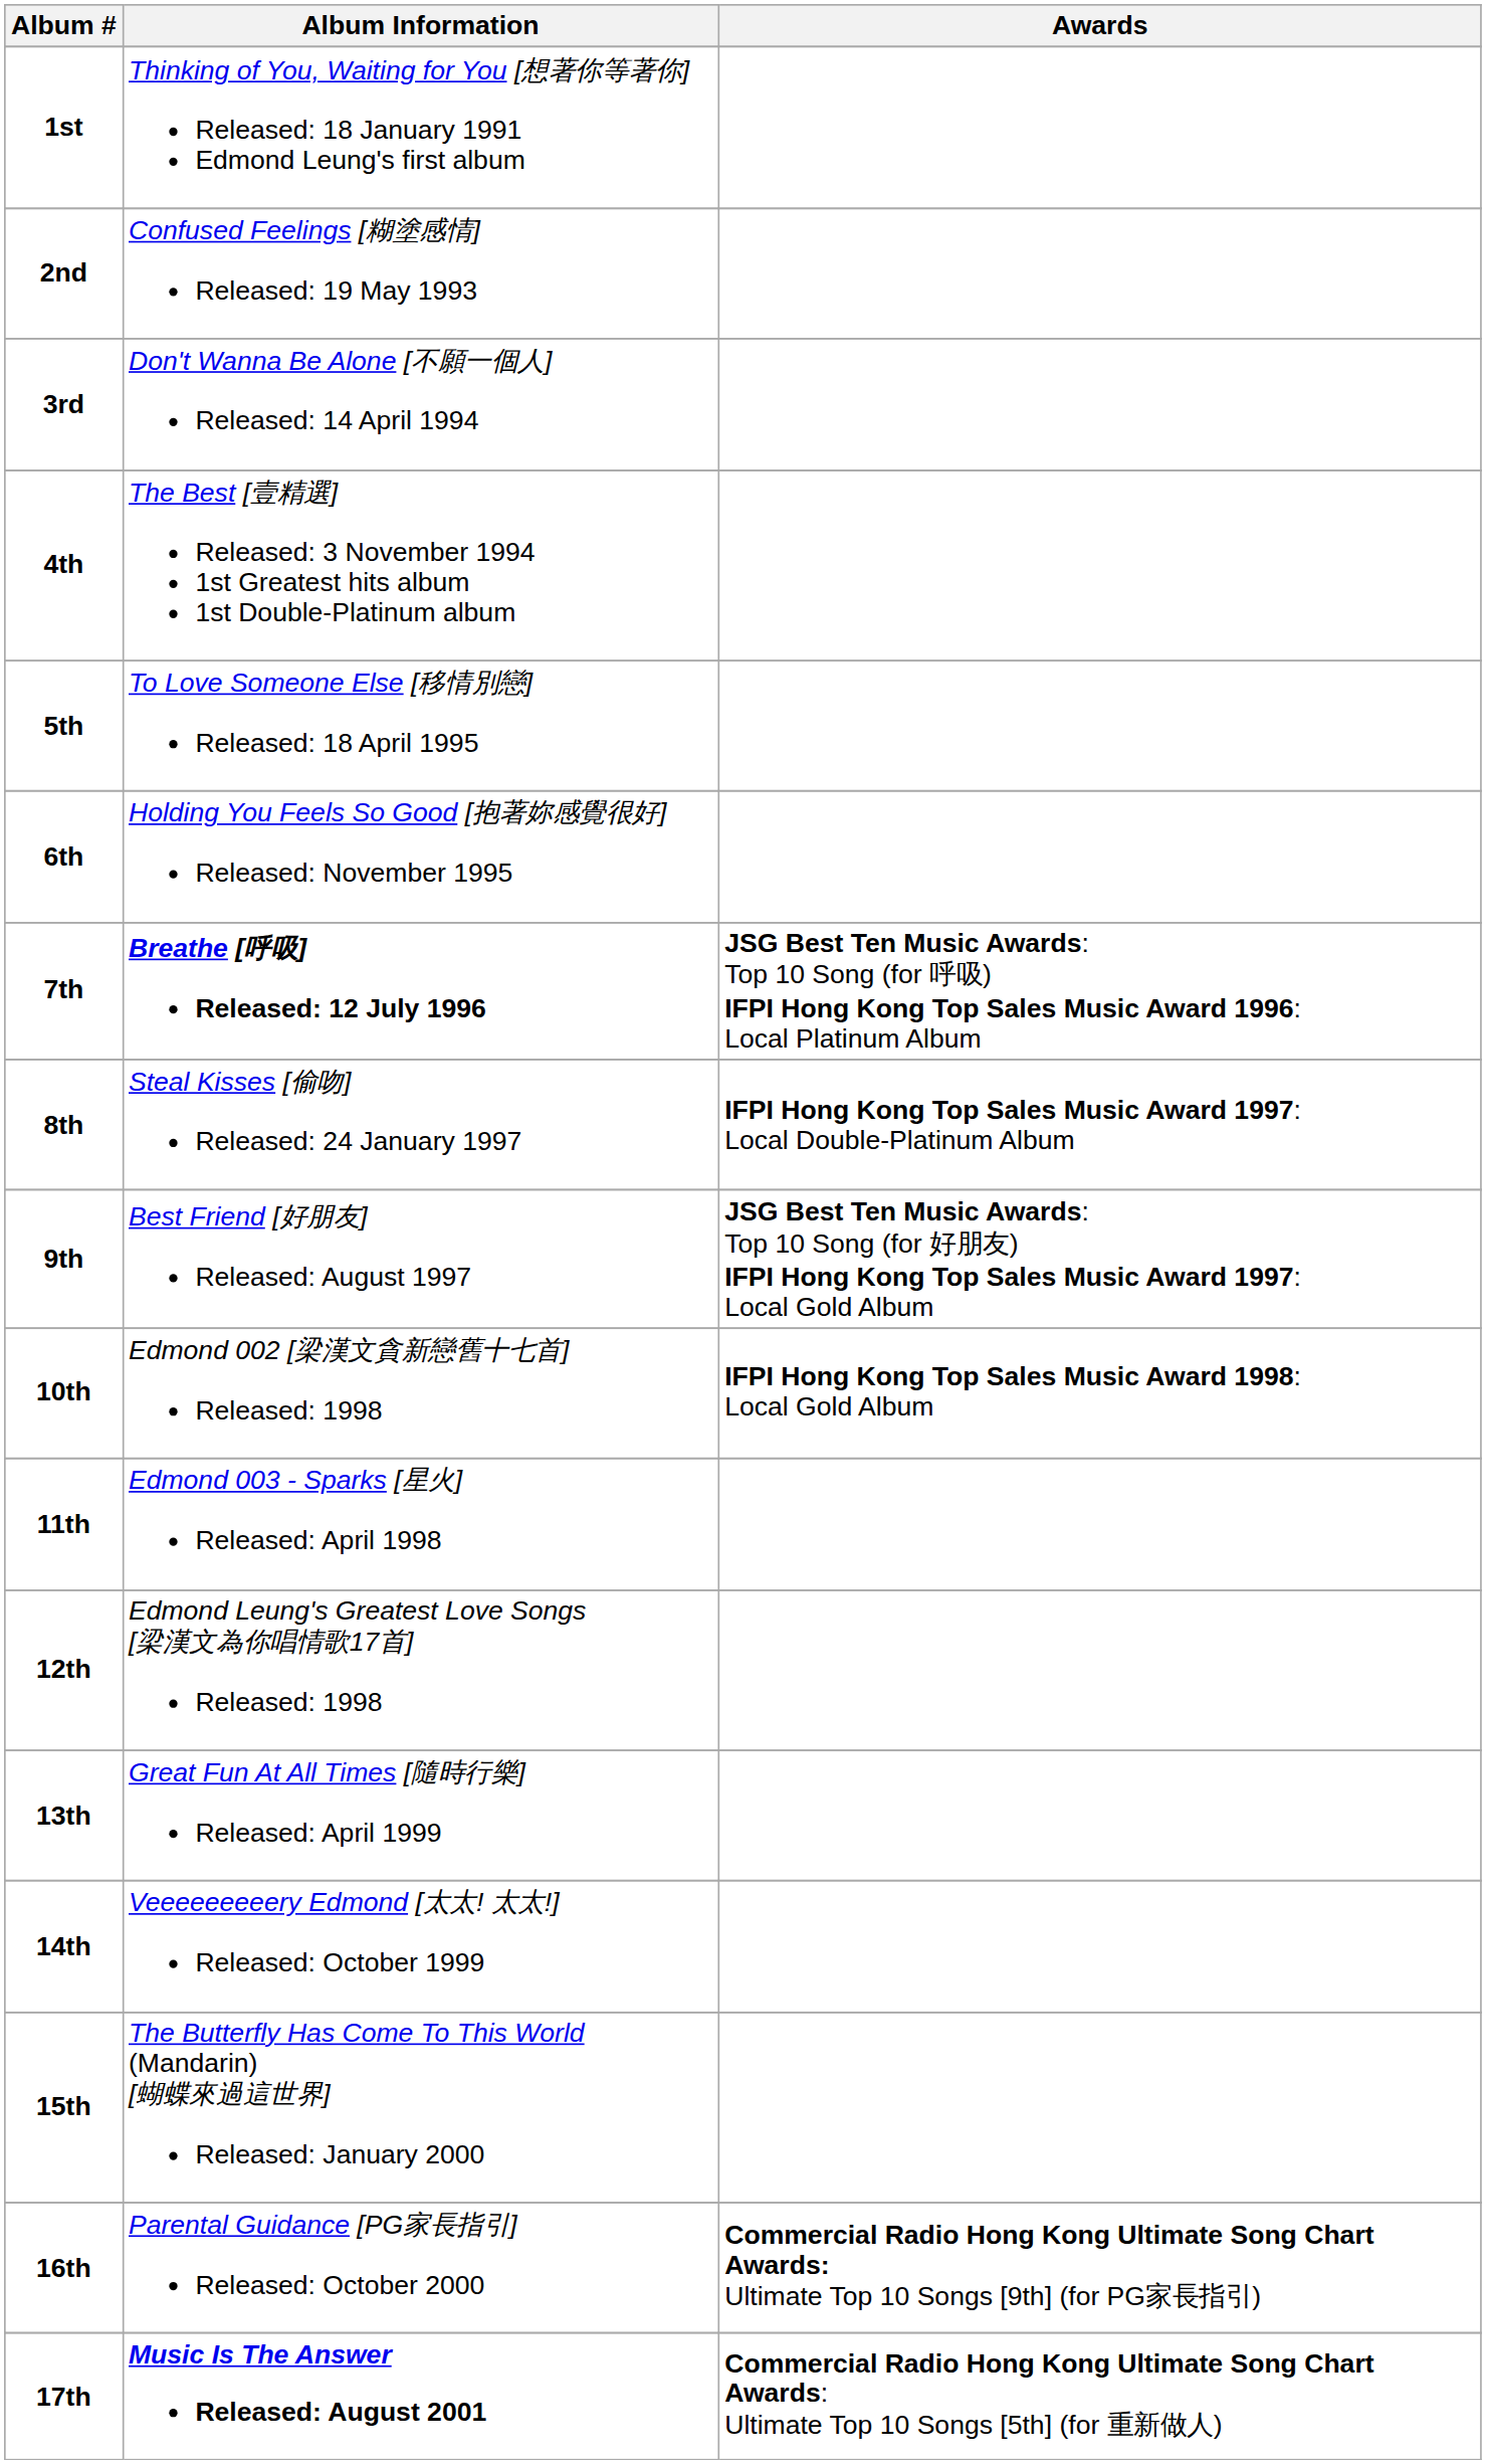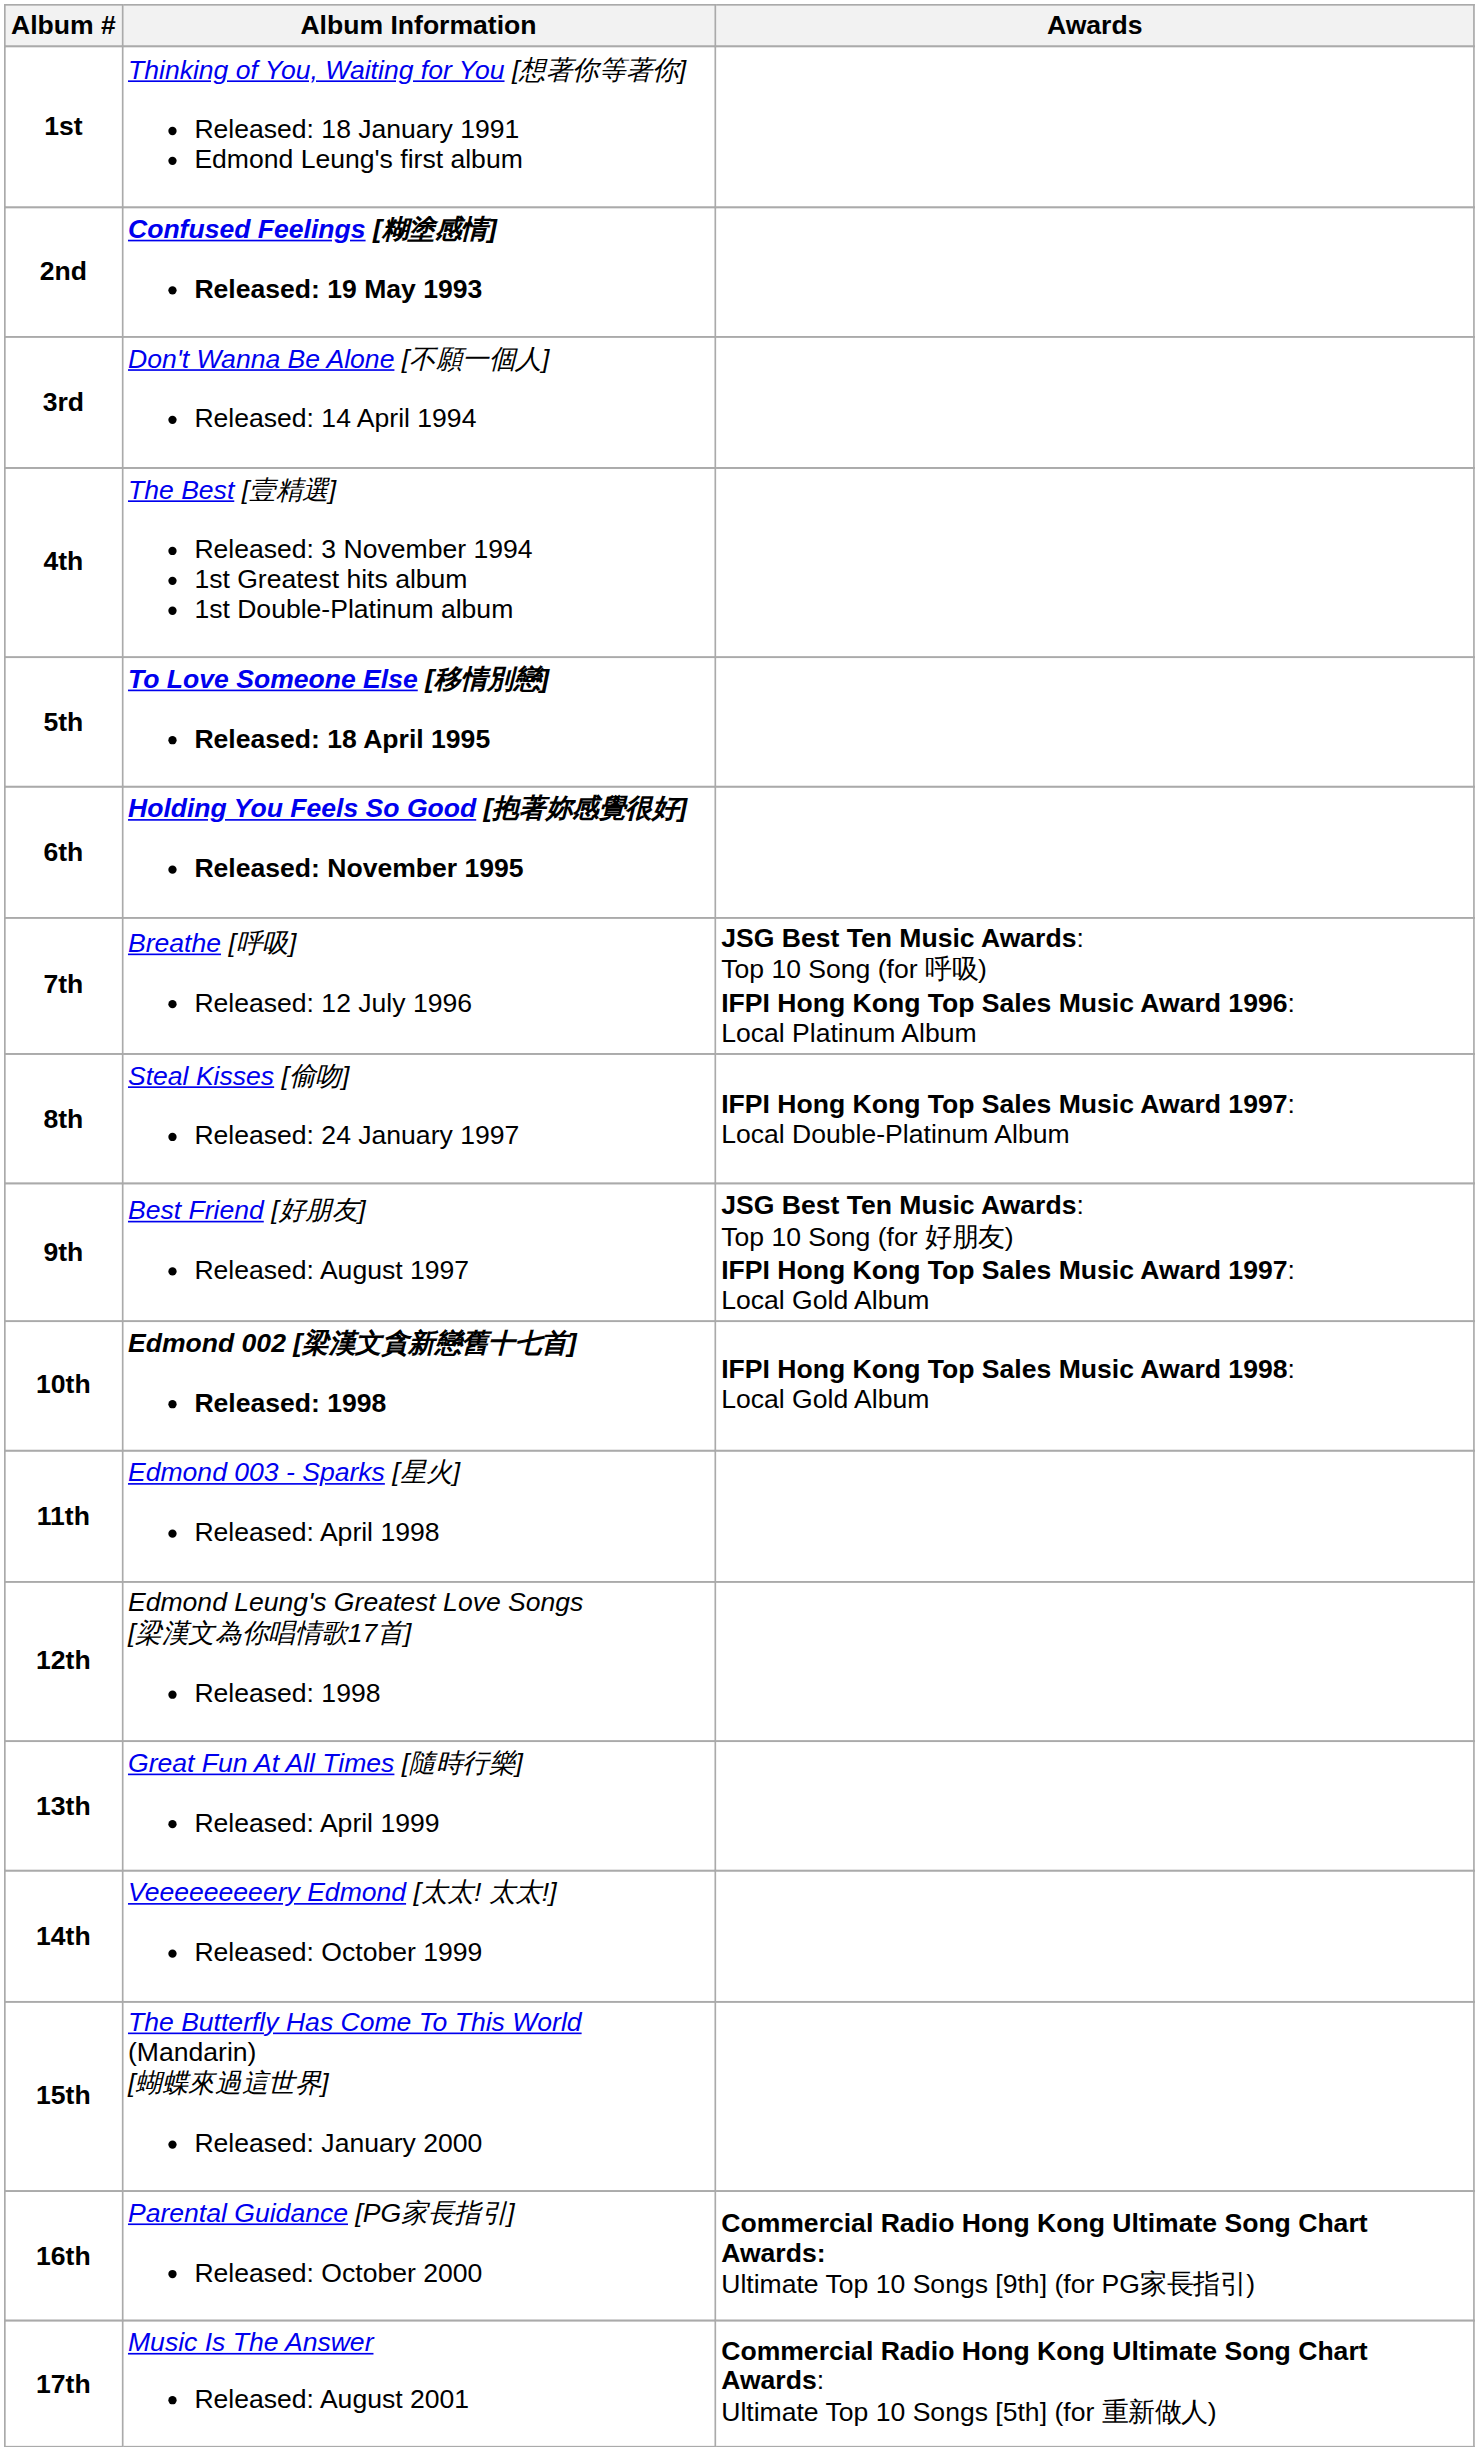 <table class="wikitable">
 <tr>
 <th align-"left">Album #</th>
 <th align="left" width="350px">Album Information</th>
 <th align="left" width="450px">Awards</th>
 </tr>
 <tr>
 </tr>
 <tr bgcolor="#FFFFFF">
 <td align="center"><strong>1st</strong></td>
 <td align="left"><em><a href='#'>Thinking of You, Waiting for You</a> [想著你等著你]</em><br><ul><li>Released: 18 January 1991</li><li>Edmond Leung's first album</li></ul></td>
 <td></td>
 </tr>
 <tr>
 </tr>
 <tr bgcolor="#FFFFFF">
 <td align="center"><strong>2nd</strong></td>
-<td align="left"><em> <a href='#'>Confused Feelings</a> [糊塗感情]</em><br><ul><li>Released: 19 May 1993</li></ul></td>
+<td align="left"><strong><em> <a href='#'>Confused Feelings</a> [糊塗感情]</em><br><ul><li>Released: 19 May 1993</li></ul></strong></td>
 <td></td>
 </tr>
 <tr>
 </tr>
 <tr bgcolor="#FFFFFF">
 <td align="center"><strong>3rd</strong></td>
 <td align="left"><em> <a href='#'>Don't Wanna Be Alone</a> [不願一個人]</em><br><ul><li>Released: 14 April 1994</li></ul></td>
 <td></td>
 </tr>
 <tr>
 </tr>
 <tr bgcolor="#FFFFFF">
 <td align="center"><strong>4th</strong></td>
 <td align="left"><em> <a href='#'>The Best</a>  [壹精選]</em><br><ul><li>Released: 3 November 1994</li><li>1st Greatest hits album</li><li>1st Double-Platinum album</li></ul></td>
 <td></td>
 </tr>
 <tr>
 </tr>
 <tr bgcolor="#FFFFFF">
 <td align="center"><strong>5th</strong></td>
-<td align="left"><em> <a href='#'>To Love Someone Else</a> [移情別戀]</em><br><ul><li>Released: 18 April 1995</li></ul></td>
+<td align="left"><strong><em> <a href='#'>To Love Someone Else</a> [移情別戀]</em><br><ul><li>Released: 18 April 1995</li></ul></strong></td>
 <td></td>
 </tr>
 <tr>
 </tr>
 <tr bgcolor="#FFFFFF">
 <td align="center"><strong>6th</strong></td>
-<td align="left"><em> <a href='#'>Holding You Feels So Good</a> [抱著妳感覺很好]</em><br><ul><li>Released: November 1995</li></ul></td>
+<td align="left"><strong><em> <a href='#'>Holding You Feels So Good</a> [抱著妳感覺很好]</em><br><ul><li>Released: November 1995</li></ul></strong></td>
 <td></td>
 </tr>
 <tr>
 </tr>
 <tr bgcolor="#FFFFFF">
 <td align="center"><strong>7th</strong></td>
-<td align="left"><strong><em><a href='#'>Breathe</a> [呼吸]</em><br><ul><li>Released: 12 July 1996</li></ul></strong></td>
+<td align="left"><em><a href='#'>Breathe</a> [呼吸]</em><br><ul><li>Released: 12 July 1996</li></ul></td>
 <td><strong> JSG Best Ten Music Awards</strong>:<br> Top 10 Song (for 呼吸)<br><strong> IFPI Hong Kong Top Sales Music Award 1996</strong>:<br> Local Platinum Album</td>
 </tr>
 <tr>
 </tr>
 <tr bgcolor="#FFFFFF">
 <td align="center"><strong>8th</strong></td>
 <td align="left"><em> <a href='#'>Steal Kisses</a> [偷吻]</em><br><ul><li>Released: 24 January 1997</li></ul></td>
 <td><strong> IFPI Hong Kong Top Sales Music Award 1997</strong>:<br> Local Double-Platinum Album</td>
 </tr>
 <tr>
 </tr>
 <tr bgcolor="#FFFFFF">
 <td align="center"><strong>9th</strong></td>
 <td align="left"><em><a href='#'>Best Friend</a> [好朋友]</em><br><ul><li>Released: August 1997</li></ul></td>
 <td><strong> JSG Best Ten Music Awards</strong>:<br> Top 10 Song (for 好朋友)<br><strong> IFPI Hong Kong Top Sales Music Award 1997</strong>:<br> Local Gold Album</td>
 </tr>
 <tr>
 </tr>
 <tr bgcolor="#FFFFFF">
 <td align="center"><strong>10th</strong></td>
-<td align="left"><em>Edmond 002 [梁漢文貪新戀舊十七首]</em><br><ul><li>Released: 1998</li></ul></td>
+<td align="left"><strong><em>Edmond 002 [梁漢文貪新戀舊十七首]</em><br><ul><li>Released: 1998</li></ul></strong></td>
 <td><strong> IFPI Hong Kong Top Sales Music Award 1998</strong>:<br> Local Gold Album</td>
 </tr>
 <tr>
 </tr>
 <tr bgcolor="#FFFFFF">
 <td align="center"><strong>11th</strong></td>
 <td align="left"><em><a href='#'>Edmond 003 - Sparks</a> [星火]</em><br><ul><li>Released: April 1998</li></ul></td>
 <td></td>
 </tr>
 <tr>
 </tr>
 <tr bgcolor="#FFFFFF">
 <td align="center"><strong>12th</strong></td>
 <td align="left"><em>Edmond Leung's Greatest Love Songs<br> [梁漢文為你唱情歌17首]</em><br><ul><li>Released: 1998</li></ul></td>
 <td></td>
 </tr>
 <tr>
 </tr>
 <tr bgcolor="#FFFFFF">
 <td align="center"><strong>13th</strong></td>
 <td align="left"><em><a href='#'>Great Fun At All Times</a> [隨時行樂]</em><br><ul><li>Released: April 1999</li></ul></td>
 <td></td>
 </tr>
 <tr>
 </tr>
 <tr bgcolor="#FFFFFF">
 <td align="center"><strong>14th</strong></td>
 <td align="left"><em><a href='#'>Veeeeeeeeery Edmond</a> [太太! 太太!]</em><br><ul><li>Released: October 1999</li></ul></td>
 <td></td>
 </tr>
 <tr>
 </tr>
 <tr bgcolor="#FFFFFF">
 <td align="center"><strong>15th</strong></td>
 <td align="left"><em><a href='#'>The Butterfly Has Come To This World</a></em> (Mandarin) <br><em> [蝴蝶來過這世界]</em><br><ul><li>Released: January 2000</li></ul></td>
 <td></td>
 </tr>
 <tr>
 </tr>
 <tr bgcolor="#FFFFFF">
 <td align="center"><strong>16th</strong></td>
 <td align="left"><em><a href='#'>Parental Guidance</a> [PG家長指引]</em><br><ul><li>Released: October 2000</li></ul></td>
 <td><strong>Commercial Radio Hong Kong Ultimate Song Chart Awards:</strong><br>Ultimate Top 10 Songs [9th] (for PG家長指引)</td>
 </tr>
 <tr>
 </tr>
 <tr bgcolor="#FFFFFF">
 <td align="center"><strong>17th</strong></td>
-<td align="left"><strong><em><a href='#'>Music Is The Answer</a></em><br><ul><li>Released: August 2001</li></ul></strong></td>
+<td align="left"><em><a href='#'>Music Is The Answer</a></em><br><ul><li>Released: August 2001</li></ul></td>
 <td><strong>Commercial Radio Hong Kong Ultimate Song Chart Awards</strong>:<br>Ultimate Top 10 Songs [5th] (for 重新做人)</td>
 </tr>
 </table>
